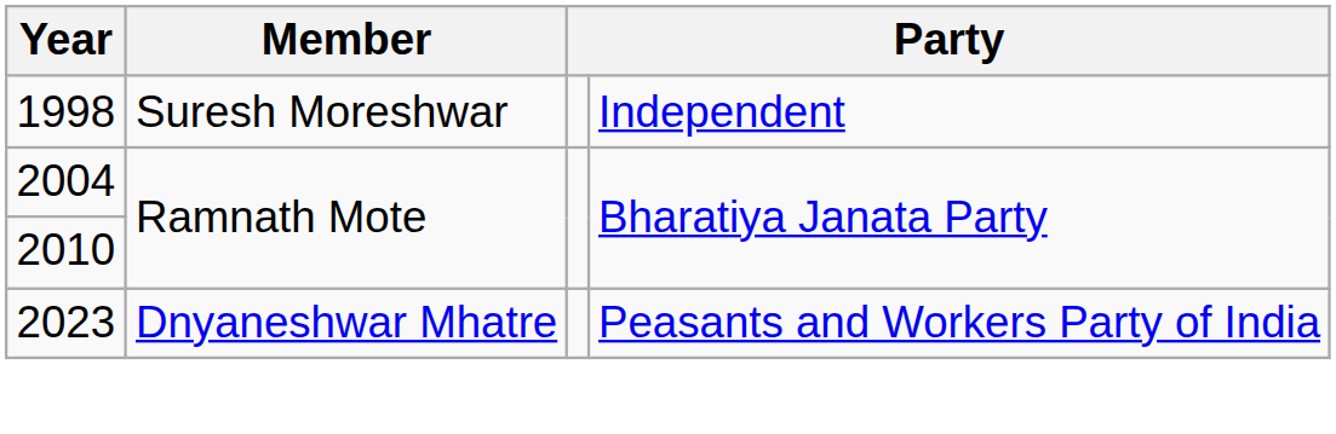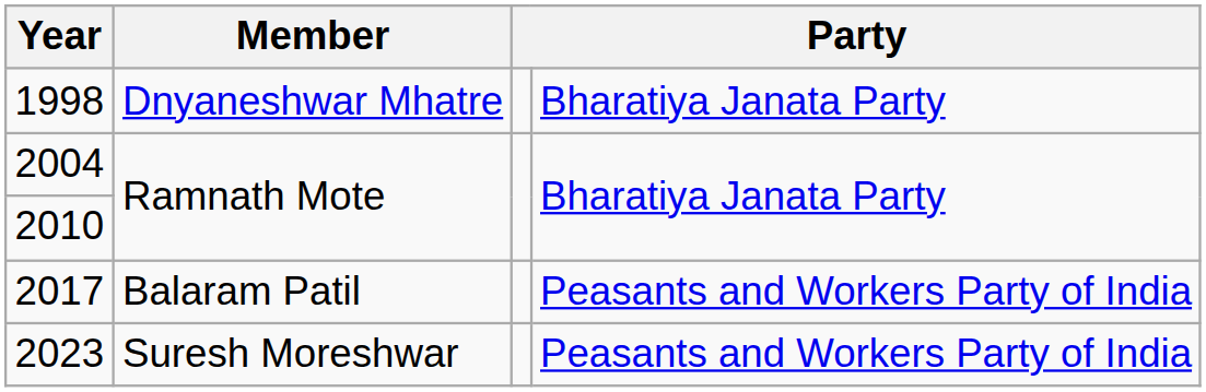 <table class="wikitable">
 <tr>
 <th>Year</th>
 <th>Member</th>
 <th colspan="2">Party</th>
 </tr>
 <tr>
 <td>1998</td>
-<td>Suresh Moreshwar</td>
+<td><a href='#'>Dnyaneshwar Mhatre</a></td>
 <td style="background-color: "></td>
-<td><a href='#'>Independent</a></td>
+<td><a href='#'>Bharatiya Janata Party</a></td>
 </tr>
 <tr>
 <td>2004</td>
 <td rowspan="2">Ramnath  Mote</td>
 <td rowspan="2" style="background-color: "></td>
 <td rowspan="2"><a href='#'>Bharatiya Janata Party</a></td>
 </tr>
 <tr>
 <td>2010</td>
 </tr>
 <tr>
+<td>2017</td>
+<td>Balaram Patil</td>
+<td style="background-color: "></td>
+<td><a href='#'>Peasants and Workers Party of India</a></td>
+</tr>
+<tr>
 <td>2023</td>
-<td><a href='#'>Dnyaneshwar Mhatre</a></td>
+<td>Suresh Moreshwar</td>
 <td style="background-color: "></td>
 <td><a href='#'>Peasants and Workers Party of India</a></td>
 </tr>
 </table>
